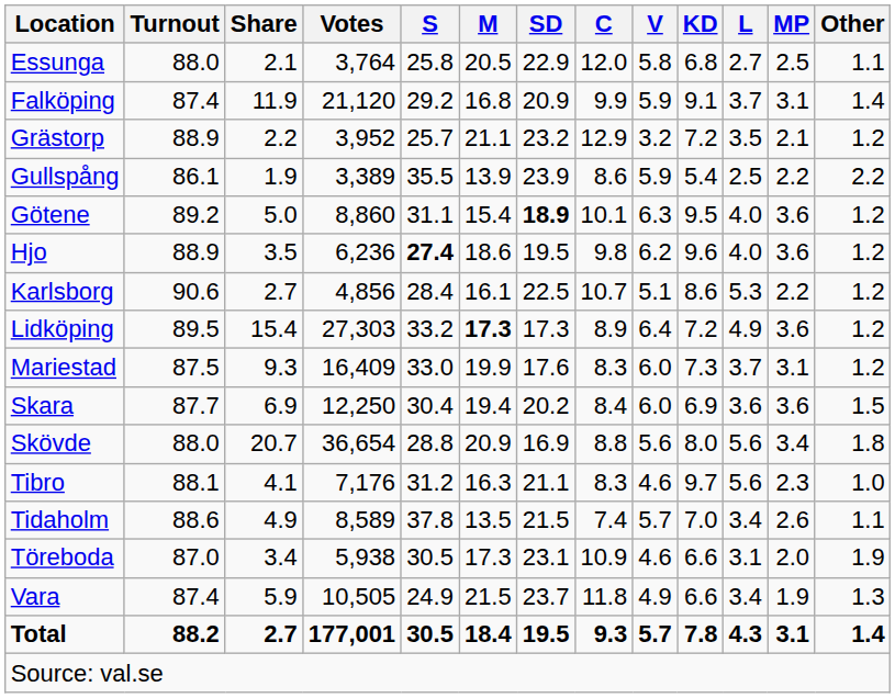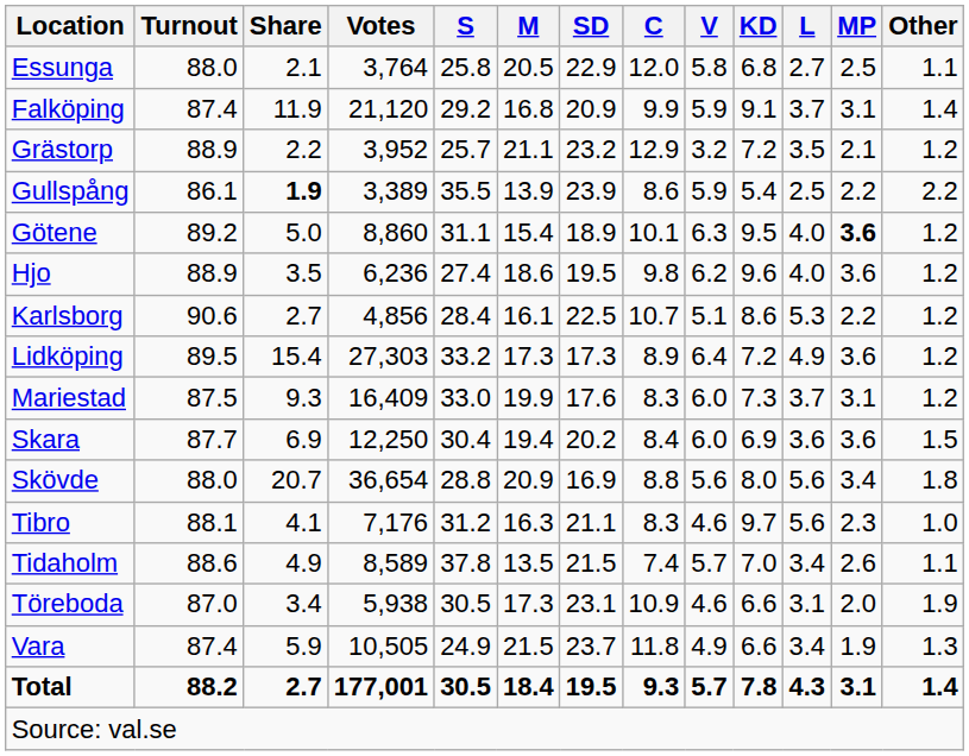 <table class="wikitable sortable" style=text-align:right>
 <tr>
 <th>Location</th>
 <th>Turnout</th>
 <th>Share</th>
 <th>Votes</th>
 <th><a href='#'>S</a></th>
 <th><a href='#'>M</a></th>
 <th><a href='#'>SD</a></th>
 <th><a href='#'>C</a></th>
 <th><a href='#'>V</a></th>
 <th><a href='#'>KD</a></th>
 <th><a href='#'>L</a></th>
 <th><a href='#'>MP</a></th>
 <th>Other</th>
 </tr>
 <tr>
 <td align=left><a href='#'>Essunga</a></td>
 <td>88.0</td>
 <td>2.1</td>
 <td>3,764</td>
 <td>25.8</td>
 <td>20.5</td>
 <td>22.9</td>
 <td>12.0</td>
 <td>5.8</td>
 <td>6.8</td>
 <td>2.7</td>
 <td>2.5</td>
 <td>1.1</td>
 </tr>
 <tr>
 <td align=left><a href='#'>Falköping</a></td>
 <td>87.4</td>
 <td>11.9</td>
 <td>21,120</td>
 <td>29.2</td>
 <td>16.8</td>
 <td>20.9</td>
 <td>9.9</td>
 <td>5.9</td>
 <td>9.1</td>
 <td>3.7</td>
 <td>3.1</td>
 <td>1.4</td>
 </tr>
 <tr>
 <td align=left><a href='#'>Grästorp</a></td>
 <td>88.9</td>
 <td>2.2</td>
 <td>3,952</td>
 <td>25.7</td>
 <td>21.1</td>
 <td>23.2</td>
 <td>12.9</td>
 <td>3.2</td>
 <td>7.2</td>
 <td>3.5</td>
 <td>2.1</td>
 <td>1.2</td>
 </tr>
 <tr>
 <td align=left><a href='#'>Gullspång</a></td>
 <td>86.1</td>
-<td>1.9</td>
+<td><strong>1.9</strong></td>
 <td>3,389</td>
 <td>35.5</td>
 <td>13.9</td>
 <td>23.9</td>
 <td>8.6</td>
 <td>5.9</td>
 <td>5.4</td>
 <td>2.5</td>
 <td>2.2</td>
 <td>2.2</td>
 </tr>
 <tr>
 <td align=left><a href='#'>Götene</a></td>
 <td>89.2</td>
 <td>5.0</td>
 <td>8,860</td>
 <td>31.1</td>
 <td>15.4</td>
-<td><strong>18.9</strong></td>
+<td>18.9</td>
 <td>10.1</td>
 <td>6.3</td>
 <td>9.5</td>
 <td>4.0</td>
-<td>3.6</td>
+<td><strong>3.6</strong></td>
 <td>1.2</td>
 </tr>
 <tr>
 <td align=left><a href='#'>Hjo</a></td>
 <td>88.9</td>
 <td>3.5</td>
 <td>6,236</td>
-<td><strong>27.4</strong></td>
+<td>27.4</td>
 <td>18.6</td>
 <td>19.5</td>
 <td>9.8</td>
 <td>6.2</td>
 <td>9.6</td>
 <td>4.0</td>
 <td>3.6</td>
 <td>1.2</td>
 </tr>
 <tr>
 <td align=left><a href='#'>Karlsborg</a></td>
 <td>90.6</td>
 <td>2.7</td>
 <td>4,856</td>
 <td>28.4</td>
 <td>16.1</td>
 <td>22.5</td>
 <td>10.7</td>
 <td>5.1</td>
 <td>8.6</td>
 <td>5.3</td>
 <td>2.2</td>
 <td>1.2</td>
 </tr>
 <tr>
 <td align=left><a href='#'>Lidköping</a></td>
 <td>89.5</td>
 <td>15.4</td>
 <td>27,303</td>
 <td>33.2</td>
-<td><strong>17.3</strong></td>
+<td>17.3</td>
 <td>17.3</td>
 <td>8.9</td>
 <td>6.4</td>
 <td>7.2</td>
 <td>4.9</td>
 <td>3.6</td>
 <td>1.2</td>
 </tr>
 <tr>
 <td align=left><a href='#'>Mariestad</a></td>
 <td>87.5</td>
 <td>9.3</td>
 <td>16,409</td>
 <td>33.0</td>
 <td>19.9</td>
 <td>17.6</td>
 <td>8.3</td>
 <td>6.0</td>
 <td>7.3</td>
 <td>3.7</td>
 <td>3.1</td>
 <td>1.2</td>
 </tr>
 <tr>
 <td align=left><a href='#'>Skara</a></td>
 <td>87.7</td>
 <td>6.9</td>
 <td>12,250</td>
 <td>30.4</td>
 <td>19.4</td>
 <td>20.2</td>
 <td>8.4</td>
 <td>6.0</td>
 <td>6.9</td>
 <td>3.6</td>
 <td>3.6</td>
 <td>1.5</td>
 </tr>
 <tr>
 <td align=left><a href='#'>Skövde</a></td>
 <td>88.0</td>
 <td>20.7</td>
 <td>36,654</td>
 <td>28.8</td>
 <td>20.9</td>
 <td>16.9</td>
 <td>8.8</td>
 <td>5.6</td>
 <td>8.0</td>
 <td>5.6</td>
 <td>3.4</td>
 <td>1.8</td>
 </tr>
 <tr>
 <td align=left><a href='#'>Tibro</a></td>
 <td>88.1</td>
 <td>4.1</td>
 <td>7,176</td>
 <td>31.2</td>
 <td>16.3</td>
 <td>21.1</td>
 <td>8.3</td>
 <td>4.6</td>
 <td>9.7</td>
 <td>5.6</td>
 <td>2.3</td>
 <td>1.0</td>
 </tr>
 <tr>
 <td align=left><a href='#'>Tidaholm</a></td>
 <td>88.6</td>
 <td>4.9</td>
 <td>8,589</td>
 <td>37.8</td>
 <td>13.5</td>
 <td>21.5</td>
 <td>7.4</td>
 <td>5.7</td>
 <td>7.0</td>
 <td>3.4</td>
 <td>2.6</td>
 <td>1.1</td>
 </tr>
 <tr>
 <td align=left><a href='#'>Töreboda</a></td>
 <td>87.0</td>
 <td>3.4</td>
 <td>5,938</td>
 <td>30.5</td>
 <td>17.3</td>
 <td>23.1</td>
 <td>10.9</td>
 <td>4.6</td>
 <td>6.6</td>
 <td>3.1</td>
 <td>2.0</td>
 <td>1.9</td>
 </tr>
 <tr>
 <td align=left><a href='#'>Vara</a></td>
 <td>87.4</td>
 <td>5.9</td>
 <td>10,505</td>
 <td>24.9</td>
 <td>21.5</td>
 <td>23.7</td>
 <td>11.8</td>
 <td>4.9</td>
 <td>6.6</td>
 <td>3.4</td>
 <td>1.9</td>
 <td>1.3</td>
 </tr>
 <tr>
 <td align=left><strong>Total</strong></td>
 <td><strong>88.2</strong></td>
 <td><strong>2.7</strong></td>
 <td><strong>177,001</strong></td>
 <td><strong>30.5</strong></td>
 <td><strong>18.4</strong></td>
 <td><strong>19.5</strong></td>
 <td><strong>9.3</strong></td>
 <td><strong>5.7</strong></td>
 <td><strong>7.8</strong></td>
 <td><strong>4.3</strong></td>
 <td><strong>3.1</strong></td>
 <td><strong>1.4</strong></td>
 </tr>
 <tr>
 <td align=left colspan=13>Source: val.se</td>
 </tr>
 </table>
